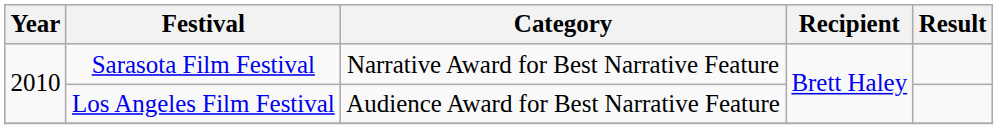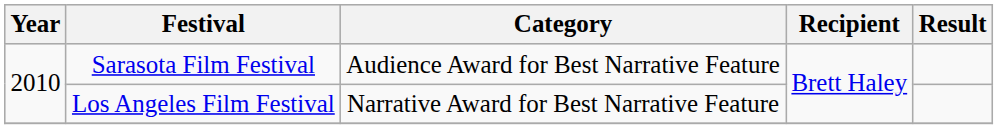 <table class="wikitable sortable plainrowheaders" style="text-align:center;">
 <tr>
 <th>Year</th>
 <th>Festival</th>
 <th>Category</th>
 <th>Recipient</th>
 <th>Result</th>
 </tr>
 <tr>
 <td rowspan="2">2010</td>
 <td><a href='#'>Sarasota Film Festival</a></td>
-<td>Narrative Award for Best Narrative Feature</td>
+<td>Audience Award for Best Narrative Feature</td>
 <td rowspan="2"><a href='#'>Brett Haley</a></td>
 <td></td>
 </tr>
 <tr>
 <td><a href='#'>Los Angeles Film Festival</a></td>
-<td>Audience Award for Best Narrative Feature</td>
+<td>Narrative Award for Best Narrative Feature</td>
 <td></td>
 </tr>
 <tr>
 </tr>
 </table>
